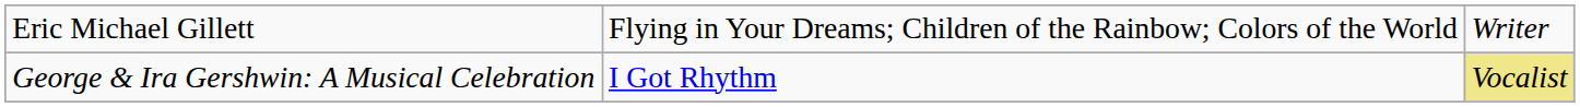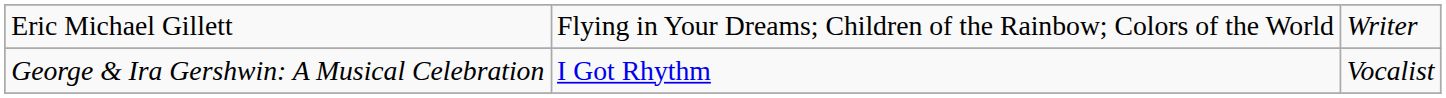 <table class="wikitable">
 <tr>
 <td>Eric Michael Gillett</td>
 <td>Flying in Your Dreams; Children of the Rainbow; Colors of the World</td>
 <td><em>Writer</em></td>
 </tr>
 <tr>
 <td><em>George & Ira Gershwin: A Musical Celebration</em></td>
 <td><a href='#'>I Got Rhythm</a></td>
-<td style="background: khaki;"><em>Vocalist</em></td>
+<td><em>Vocalist</em></td>
 </tr>
 </table>
